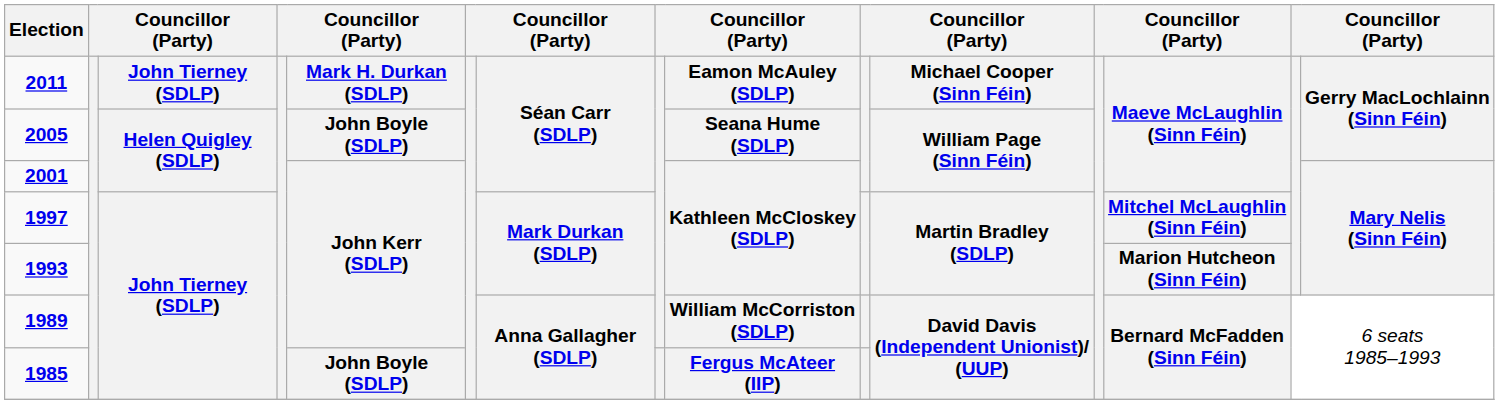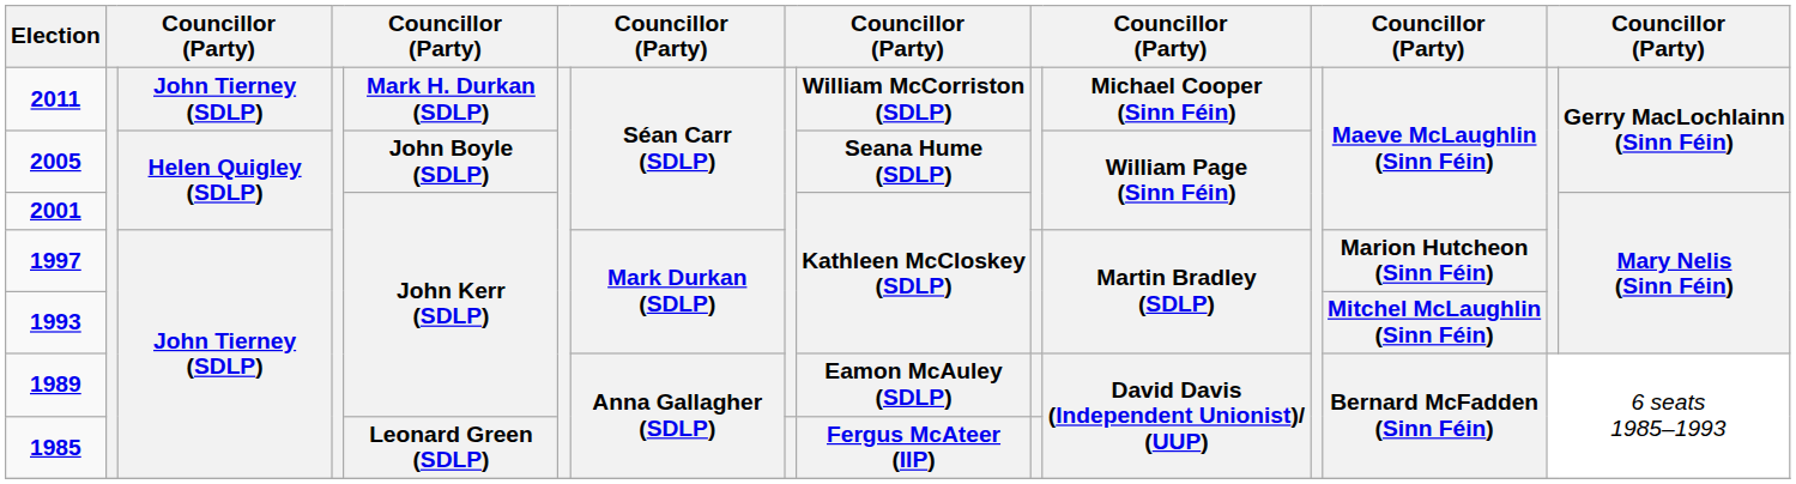 <table class="wikitable" style="text-align:center">
 <tr>
 <th scope="col" width="50">Election</th>
 <th scope="col" width="150" colspan = "2">Councillor<br> (Party)</th>
 <th scope="col" width="150" colspan = "2">Councillor<br> (Party)</th>
 <th scope="col" width="150" colspan = "2">Councillor<br> (Party)</th>
 <th scope="col" width="150" colspan = "2">Councillor<br> (Party)</th>
 <th scope="col" width="150" colspan = "2">Councillor<br> (Party)</th>
 <th scope="col" width="150" colspan = "2">Councillor<br> (Party)</th>
 <th scope="col" width="150" colspan = "2">Councillor<br> (Party)</th>
 </tr>
 <tr>
 <td><strong><a href='#'>2011</a></strong></td>
 <th rowspan="7" width="1" style="background-color: "></th>
 <th rowspan = "1"><a href='#'>John Tierney</a> <br> (<a href='#'>SDLP</a>)</th>
 <th rowspan="7" width="1" style="background-color: "></th>
 <th rowspan = "1"><a href='#'>Mark H. Durkan</a> <br> (<a href='#'>SDLP</a>)</th>
 <th rowspan="7" width="1" style="background-color: "></th>
 <th rowspan = "3">Séan Carr <br> (<a href='#'>SDLP</a>)</th>
 <th rowspan="6" width="1" style="background-color: "></th>
-<th rowspan = "1">Eamon McAuley <br> (<a href='#'>SDLP</a>)</th>
+<th rowspan = "1">William McCorriston <br> (<a href='#'>SDLP</a>)</th>
 <th rowspan="3" width="1" style="background-color: "></th>
 <th rowspan = "1">Michael Cooper <br> (<a href='#'>Sinn Féin</a>)</th>
 <th rowspan="7" width="1" style="background-color: "></th>
 <th rowspan = "3"><a href='#'>Maeve McLaughlin</a> <br> (<a href='#'>Sinn Féin</a>)</th>
 <th rowspan="5" width="1" style="background-color: "></th>
 <th rowspan = "2">Gerry MacLochlainn <br> (<a href='#'>Sinn Féin</a>)</th>
 </tr>
 <tr>
 <td><strong><a href='#'>2005</a></strong></td>
 <th rowspan = "2"><a href='#'>Helen Quigley</a> <br> (<a href='#'>SDLP</a>)</th>
 <th rowspan = "1">John Boyle <br> (<a href='#'>SDLP</a>)</th>
 <th rowspan = "1">Seana Hume <br> (<a href='#'>SDLP</a>)</th>
 <th rowspan = "2">William Page <br> (<a href='#'>Sinn Féin</a>)</th>
 </tr>
 <tr>
 <td><strong><a href='#'>2001</a></strong></td>
 <th rowspan = "4">John Kerr <br> (<a href='#'>SDLP</a>)</th>
 <th rowspan = "3">Kathleen McCloskey <br> (<a href='#'>SDLP</a>)</th>
 <th rowspan = "3"><a href='#'>Mary Nelis</a> <br> (<a href='#'>Sinn Féin</a>)</th>
 </tr>
 <tr>
 <td><strong><a href='#'>1997</a></strong></td>
 <th rowspan = "4"><a href='#'>John Tierney</a> <br> (<a href='#'>SDLP</a>)</th>
 <th rowspan = "2"><a href='#'>Mark Durkan</a> <br> (<a href='#'>SDLP</a>)</th>
 <th rowspan="2" width="1" style="background-color: "></th>
 <th rowspan = "2">Martin Bradley <br> (<a href='#'>SDLP</a>)</th>
-<th rowspan = "1"><a href='#'>Mitchel McLaughlin</a> <br> (<a href='#'>Sinn Féin</a>)</th>
+<th rowspan = "1">Marion Hutcheon <br> (<a href='#'>Sinn Féin</a>)</th>
 </tr>
 <tr>
 <td><strong><a href='#'>1993</a></strong></td>
-<th rowspan = "1">Marion Hutcheon <br> (<a href='#'>Sinn Féin</a>)</th>
+<th rowspan = "1"><a href='#'>Mitchel McLaughlin</a> <br> (<a href='#'>Sinn Féin</a>)</th>
 </tr>
 <tr>
 <td><strong><a href='#'>1989</a></strong></td>
 <th rowspan = "2">Anna Gallagher <br> (<a href='#'>SDLP</a>)</th>
-<th rowspan = "1">William McCorriston <br> (<a href='#'>SDLP</a>)</th>
+<th rowspan = "1">Eamon McAuley <br> (<a href='#'>SDLP</a>)</th>
 <th rowspan="1" width="1" style="background-color: "></th>
 <th rowspan = "2">David Davis <br> (<a href='#'>Independent Unionist</a>)/ <br> (<a href='#'>UUP</a>)</th>
 <th rowspan = "2">Bernard McFadden <br> (<a href='#'>Sinn Féin</a>)</th>
 <td colspan="2" rowspan="2" style="background-color:#FFFFFF"><em>6 seats<br>1985–1993</em></td>
 </tr>
 <tr>
 <td><strong><a href='#'>1985</a></strong></td>
-<th rowspan = "1">John Boyle <br> (<a href='#'>SDLP</a>)</th>
+<th rowspan = "1">Leonard Green <br> (<a href='#'>SDLP</a>)</th>
 <th rowspan="1" width="1" style="background-color: "></th>
 <th rowspan = "1"><a href='#'>Fergus McAteer</a> <br> (<a href='#'>IIP</a>)</th>
 <th rowspan="1" width="1" style="background-color: "></th>
 </tr>
 <tr>
 </tr>
 </table>
